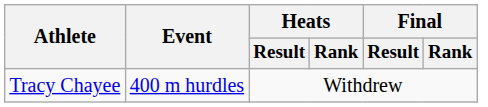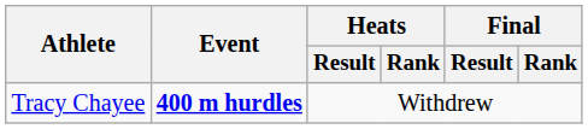 <table class="wikitable" style="font-size:90%">
 <tr>
 <th rowspan=2>Athlete</th>
 <th rowspan=2>Event</th>
 <th colspan=2>Heats</th>
 <th colspan=2>Final</th>
 </tr>
 <tr style="font-size:95%">
 <th>Result</th>
 <th>Rank</th>
 <th>Result</th>
 <th>Rank</th>
 </tr>
 <tr align=center>
 <td align=left><a href='#'>Tracy Chayee</a></td>
-<td align=left><a href='#'>400 m hurdles</a></td>
+<td align=left><strong><a href='#'>400 m hurdles</a></strong></td>
 <td colspan=4>Withdrew</td>
 </tr>
 </table>
